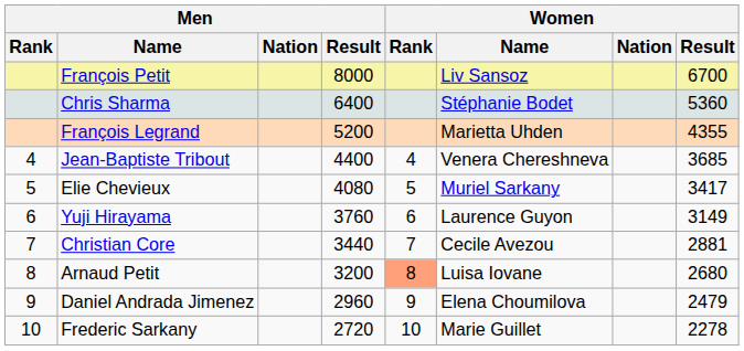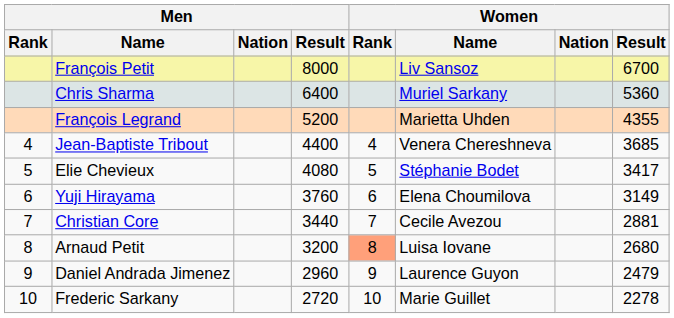 <table class="wikitable" style="text-align:center">
 <tr>
 <th colspan="4">Men</th>
 <th colspan="4">Women</th>
 </tr>
 <tr>
 <th>Rank</th>
 <th>Name</th>
 <th>Nation</th>
 <th>Result</th>
 <th>Rank</th>
 <th>Name</th>
 <th>Nation</th>
 <th>Result</th>
 </tr>
 <tr bgcolor="#F7F6A8">
 <td></td>
 <td align="left"><a href='#'>François Petit</a></td>
 <td align="left"></td>
 <td>8000</td>
 <td></td>
 <td align="left"><a href='#'>Liv Sansoz</a></td>
 <td align="left"></td>
 <td>6700</td>
 </tr>
 <tr bgcolor="#DCE5E5">
 <td></td>
 <td align="left"><a href='#'>Chris Sharma</a></td>
 <td align="left"></td>
 <td>6400</td>
 <td></td>
-<td align="left"><a href='#'>Stéphanie Bodet</a></td>
+<td align="left"><a href='#'>Muriel Sarkany</a></td>
 <td align="left"></td>
 <td>5360</td>
 </tr>
 <tr bgcolor="#FFDAB9">
 <td></td>
 <td align="left"><a href='#'>François Legrand</a></td>
 <td align="left"></td>
 <td>5200</td>
 <td></td>
 <td align="left">Marietta Uhden</td>
 <td align="left"></td>
 <td>4355</td>
 </tr>
 <tr>
 <td align="center">4</td>
 <td align="left"><a href='#'>Jean-Baptiste Tribout</a></td>
 <td align="left"></td>
 <td>4400</td>
 <td>4</td>
 <td align="left">Venera Chereshneva</td>
 <td align="left"></td>
 <td>3685</td>
 </tr>
 <tr>
 <td align="center">5</td>
 <td align="left">Elie Chevieux</td>
 <td align="left"></td>
 <td>4080</td>
 <td>5</td>
-<td align="left"><a href='#'>Muriel Sarkany</a></td>
+<td align="left"><a href='#'>Stéphanie Bodet</a></td>
 <td align="left"></td>
 <td>3417</td>
 </tr>
 <tr>
 <td align="center">6</td>
 <td align="left"><a href='#'>Yuji Hirayama</a></td>
 <td align="left"></td>
 <td>3760</td>
 <td>6</td>
-<td align="left">Laurence Guyon</td>
+<td align="left">Elena Choumilova</td>
 <td align="left"></td>
 <td>3149</td>
 </tr>
 <tr>
 <td align="center">7</td>
 <td align="left"><a href='#'>Christian Core</a></td>
 <td align="left"></td>
 <td>3440</td>
 <td>7</td>
 <td align="left">Cecile Avezou</td>
 <td align="left"></td>
 <td>2881</td>
 </tr>
 <tr>
 <td align="center">8</td>
 <td align="left">Arnaud Petit</td>
 <td align="left"></td>
 <td>3200</td>
 <td style="background: lightsalmon;">8</td>
 <td align="left">Luisa Iovane</td>
 <td align="left"></td>
 <td>2680</td>
 </tr>
 <tr>
 <td>9</td>
 <td align="left">Daniel Andrada Jimenez</td>
 <td align="left"></td>
 <td>2960</td>
 <td>9</td>
-<td align="left">Elena Choumilova</td>
+<td align="left">Laurence Guyon</td>
 <td align="left"></td>
 <td>2479</td>
 </tr>
 <tr>
 <td>10</td>
 <td align="left">Frederic Sarkany</td>
 <td align="left"></td>
 <td>2720</td>
 <td>10</td>
 <td align="left">Marie Guillet</td>
 <td align="left"></td>
 <td>2278</td>
 </tr>
 </table>
